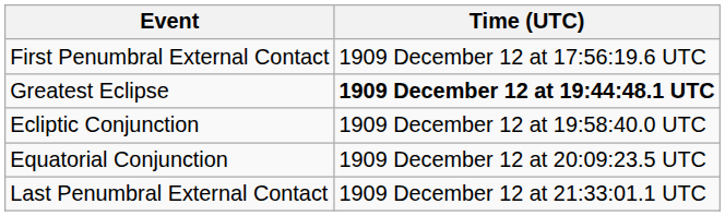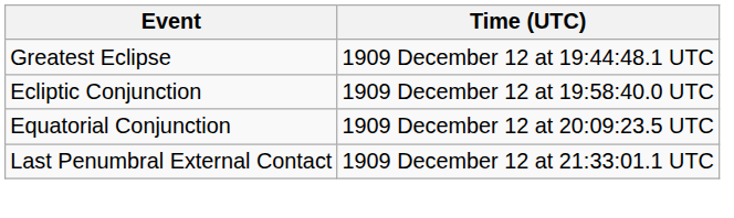 <table class="wikitable">
 <tr>
 <th>Event</th>
 <th>Time (UTC)</th>
 </tr>
 <tr>
-<td>First Penumbral External Contact</td>
-<td>1909 December 12 at 17:56:19.6 UTC</td>
-</tr>
-<tr>
 <td>Greatest Eclipse</td>
-<td><strong>1909 December 12 at 19:44:48.1 UTC</strong></td>
+<td>1909 December 12 at 19:44:48.1 UTC</td>
 </tr>
 <tr>
 <td>Ecliptic Conjunction</td>
 <td>1909 December 12 at 19:58:40.0 UTC</td>
 </tr>
 <tr>
 <td>Equatorial Conjunction</td>
 <td>1909 December 12 at 20:09:23.5 UTC</td>
 </tr>
 <tr>
 <td>Last Penumbral External Contact</td>
 <td>1909 December 12 at 21:33:01.1 UTC</td>
 </tr>
 </table>
